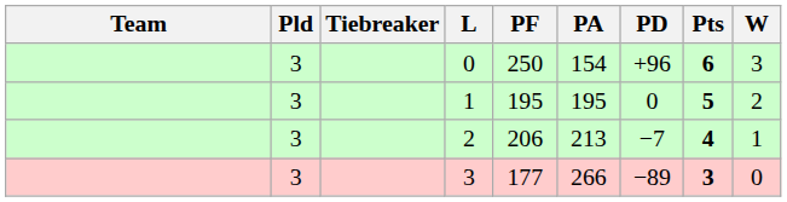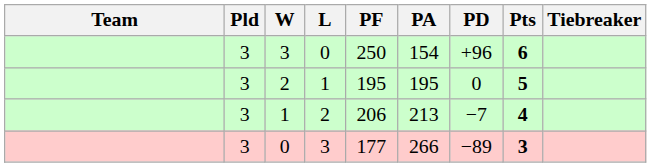 <table class="wikitable" style="text-align:center;">
 <tr>
 <th width=170>Team</th>
 <th width=25>Pld</th>
-<th width=50>Tiebreaker</th>
+<th width=25>W</th>
 <th width=25>L</th>
 <th width=35>PF</th>
 <th width=35>PA</th>
 <th width=35>PD</th>
 <th width=25>Pts</th>
-<th width=25>W</th>
+<th width=50>Tiebreaker</th>
 </tr>
 <tr bgcolor=ccffcc>
 <td align="left"></td>
 <td>3</td>
-<td></td>
+<td>3</td>
 <td>0</td>
 <td>250</td>
 <td>154</td>
 <td>+96</td>
 <td><strong>6</strong></td>
-<td>3</td>
+<td></td>
 </tr>
 <tr bgcolor=ccffcc>
 <td align="left"></td>
 <td>3</td>
-<td></td>
+<td>2</td>
 <td>1</td>
 <td>195</td>
 <td>195</td>
 <td>0</td>
 <td><strong>5</strong></td>
-<td>2</td>
+<td></td>
 </tr>
 <tr bgcolor=ccffcc>
 <td align="left"></td>
 <td>3</td>
-<td></td>
+<td>1</td>
 <td>2</td>
 <td>206</td>
 <td>213</td>
 <td>−7</td>
 <td><strong>4</strong></td>
-<td>1</td>
+<td></td>
 </tr>
 <tr bgcolor=ffcccc>
 <td align="left"></td>
 <td>3</td>
-<td></td>
+<td>0</td>
 <td>3</td>
 <td>177</td>
 <td>266</td>
 <td>−89</td>
 <td><strong>3</strong></td>
-<td>0</td>
+<td></td>
 </tr>
 </table>
